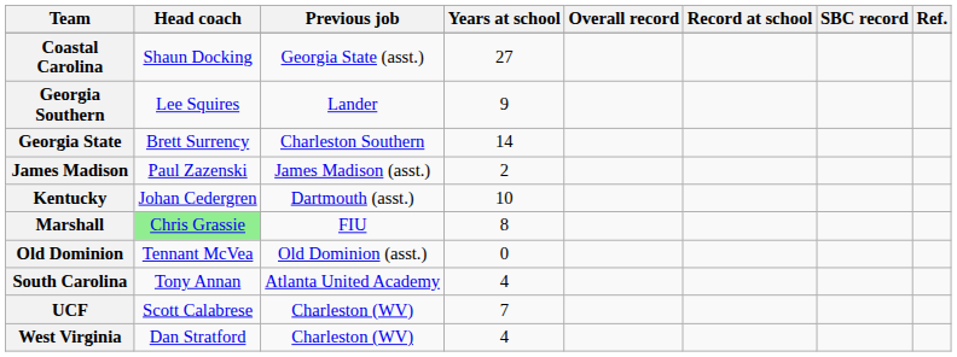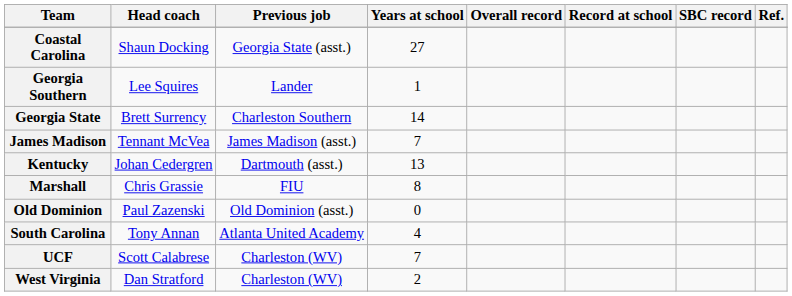 <table class="wikitable sortable" style="text-align: center;">
 <tr>
 <th style="width:110px;">Team</th>
 <th>Head coach</th>
 <th>Previous job</th>
 <th>Years at school</th>
 <th>Overall record</th>
 <th>Record at school</th>
 <th>SBC record</th>
 <th class="unsortable">Ref.</th>
 </tr>
 <tr>
 </tr>
 <tr>
 <th>Coastal Carolina</th>
 <td><a href='#'>Shaun Docking</a></td>
 <td><a href='#'>Georgia State</a> (asst.)</td>
 <td>27</td>
 <td></td>
 <td></td>
 <td></td>
 <td></td>
 </tr>
 <tr>
 <th>Georgia Southern</th>
 <td><a href='#'>Lee Squires</a></td>
 <td><a href='#'>Lander</a></td>
-<td>9</td>
+<td>1</td>
 <td></td>
 <td></td>
 <td></td>
 <td></td>
 </tr>
 <tr>
 <th>Georgia State</th>
 <td><a href='#'>Brett Surrency</a></td>
 <td><a href='#'>Charleston Southern</a></td>
 <td>14</td>
 <td></td>
 <td></td>
 <td></td>
 <td></td>
 </tr>
 <tr>
 <th>James Madison</th>
-<td><a href='#'>Paul Zazenski</a></td>
+<td><a href='#'>Tennant McVea</a></td>
 <td><a href='#'>James Madison</a> (asst.)</td>
-<td>2</td>
+<td>7</td>
 <td></td>
 <td></td>
 <td></td>
 <td></td>
 </tr>
 <tr>
 <th>Kentucky</th>
 <td><a href='#'>Johan Cedergren</a></td>
 <td><a href='#'>Dartmouth</a> (asst.)</td>
-<td>10</td>
+<td>13</td>
 <td></td>
 <td></td>
 <td></td>
 <td></td>
 </tr>
 <tr>
 <th>Marshall</th>
-<td style="background: lightgreen;"><a href='#'>Chris Grassie</a></td>
+<td><a href='#'>Chris Grassie</a></td>
 <td><a href='#'>FIU</a></td>
 <td>8</td>
 <td></td>
 <td></td>
 <td></td>
 <td></td>
 </tr>
 <tr>
 <th>Old Dominion</th>
-<td><a href='#'>Tennant McVea</a></td>
+<td><a href='#'>Paul Zazenski</a></td>
 <td><a href='#'>Old Dominion</a> (asst.)</td>
 <td>0</td>
 <td></td>
 <td></td>
 <td></td>
 <td></td>
 </tr>
 <tr>
 <th>South Carolina</th>
 <td><a href='#'>Tony Annan</a></td>
 <td><a href='#'>Atlanta United Academy</a></td>
 <td>4</td>
 <td></td>
 <td></td>
 <td></td>
 <td></td>
 </tr>
 <tr>
 <th>UCF</th>
 <td><a href='#'>Scott Calabrese</a></td>
 <td><a href='#'>Charleston (WV)</a></td>
 <td>7</td>
 <td></td>
 <td></td>
 <td></td>
 <td></td>
 </tr>
 <tr>
 <th>West Virginia</th>
 <td><a href='#'>Dan Stratford</a></td>
 <td><a href='#'>Charleston (WV)</a></td>
-<td>4</td>
+<td>2</td>
 <td></td>
 <td></td>
 <td></td>
 <td></td>
 </tr>
 </table>
